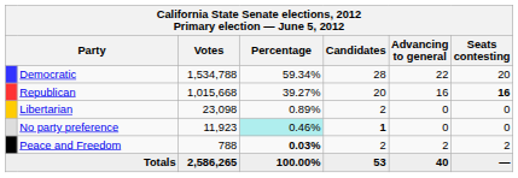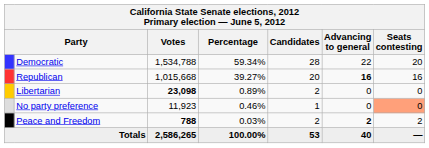 <table class="wikitable" style="font-size:95%;">
 <tr>
 <th colspan="7">California State Senate elections, 2012<br>Primary election — June 5, 2012</th>
 </tr>
 <tr>
 <th colspan=2 style="width: 15em">Party</th>
 <th style="width: 5em">Votes</th>
 <th style="width: 7em">Percentage</th>
 <th style="width: 5em">Candidates</th>
 <th style="width: 5em">Advancing to general</th>
 <th style="width: 5em">Seats contesting</th>
 </tr>
 <tr>
 <th style="background-color:#3333FF; width: 3px"></th>
 <td style="width: 130px"><a href='#'>Democratic</a></td>
 <td align="right">1,534,788</td>
 <td align="right">59.34%</td>
 <td align="right">28</td>
 <td align="right">22</td>
 <td align="right">20</td>
 </tr>
 <tr>
 <th style="background-color:#FF3333; width: 3px"></th>
 <td style="width: 130px"><a href='#'>Republican</a></td>
 <td align="right">1,015,668</td>
 <td align="right">39.27%</td>
 <td align="right">20</td>
+<td align="right"><strong>16</strong></td>
 <td align="right">16</td>
-<td align="right"><strong>16</strong></td>
 </tr>
 <tr>
 <th style="background-color:#FFCC00; width: 3px"></th>
 <td style="width: 130px"><a href='#'>Libertarian</a></td>
-<td align="right">23,098</td>
+<td align="right"><strong>23,098</strong></td>
 <td align="right">0.89%</td>
 <td align="right">2</td>
 <td align="right">0</td>
 <td align="right">0</td>
 </tr>
 <tr>
 <th style="background-color:#DDDDDD; width: 3px"></th>
 <td style="width: 130px"><a href='#'>No party preference</a></td>
 <td align="right">11,923</td>
-<td align="right" style="background: paleturquoise;">0.46%</td>
-<td align="right"><strong>1</strong></td>
+<td align="right">0.46%</td>
+<td align="right">1</td>
 <td align="right">0</td>
-<td align="right">0</td>
+<td align="right" style="background: lightsalmon;">0</td>
 </tr>
 <tr>
 <th style="background-color:#000000; width: 3px"></th>
 <td style="width: 130px"><a href='#'>Peace and Freedom</a></td>
-<td align="right">788</td>
-<td align="right"><strong>0.03%</strong></td>
+<td align="right"><strong>788</strong></td>
+<td align="right">0.03%</td>
 <td align="right">2</td>
-<td align="right">2</td>
+<td align="right"><strong>2</strong></td>
 <td align="right">2</td>
 </tr>
 <tr bgcolor="#EEEEEE">
 <td colspan="2" align="right"><strong>Totals</strong></td>
 <td align="right"><strong>2,586,265</strong></td>
 <td align="right"><strong>100.00%</strong></td>
 <td align="right"><strong>53</strong></td>
 <td align="right"><strong>40</strong></td>
 <td align="right"><strong>—</strong></td>
 </tr>
 </table>
